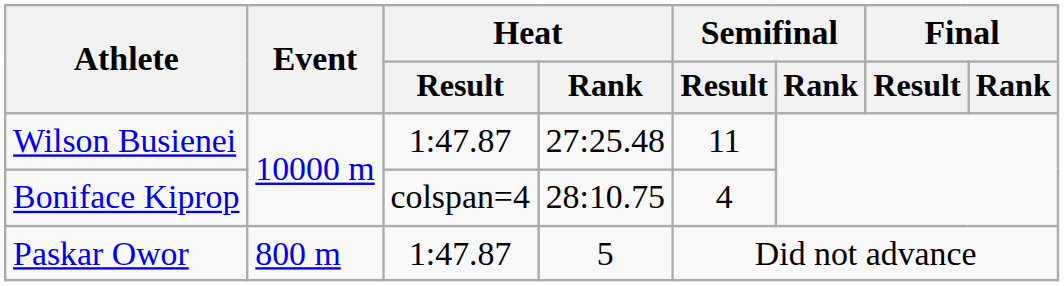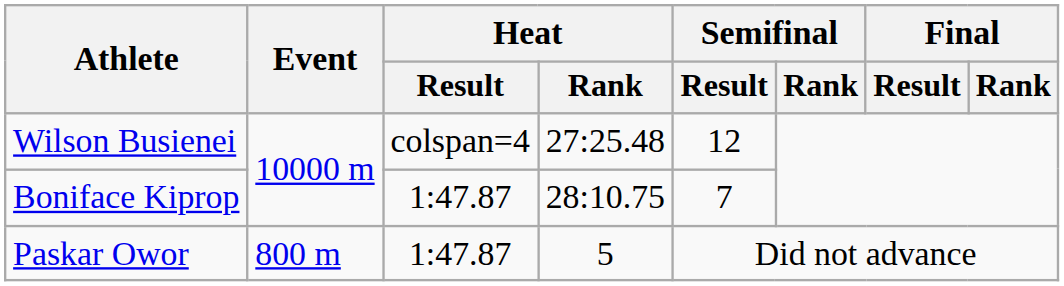 <table class=wikitable style="font-size:90%">
 <tr>
 <th rowspan="2">Athlete</th>
 <th rowspan="2">Event</th>
 <th colspan="2">Heat</th>
 <th colspan="2">Semifinal</th>
 <th colspan="2">Final</th>
 </tr>
 <tr style="font-size:95%">
 <th>Result</th>
 <th>Rank</th>
 <th>Result</th>
 <th>Rank</th>
 <th>Result</th>
 <th>Rank</th>
 </tr>
 <tr align=center>
 <td align=left><a href='#'>Wilson Busienei</a></td>
 <td align=left rowspan=2><a href='#'>10000 m</a></td>
-<td>1:47.87</td>
+<td>colspan=4 </td>
 <td>27:25.48</td>
-<td>11</td>
+<td>12</td>
 </tr>
 <tr align=center>
 <td align=left><a href='#'>Boniface Kiprop</a></td>
-<td>colspan=4 </td>
+<td>1:47.87</td>
 <td>28:10.75</td>
-<td>4</td>
+<td>7</td>
 </tr>
 <tr align=center>
 <td align=left><a href='#'>Paskar Owor</a></td>
 <td align=left><a href='#'>800 m</a></td>
 <td>1:47.87</td>
 <td>5</td>
 <td colspan=4>Did not advance</td>
 </tr>
 </table>
